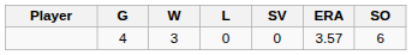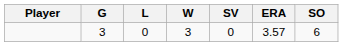 <table class="wikitable sortable">
 <tr>
 <th bgcolor="#DDDDFF" width="16%">Player</th>
 <th bgcolor="#DDDDFF" width="9%">G</th>
+<th bgcolor="#DDDDFF" width="9%">L</th>
 <th bgcolor="#DDDDFF" width="9%">W</th>
-<th bgcolor="#DDDDFF" width="9%">L</th>
 <th bgcolor="#DDDDFF" width="9%">SV</th>
 <th bgcolor="#DDDDFF" width="9%">ERA</th>
 <th bgcolor="#DDDDFF" width="9%">SO</th>
 </tr>
 <tr align="center">
 <td></td>
-<td>4</td>
 <td>3</td>
 <td>0</td>
+<td>3</td>
 <td>0</td>
 <td>3.57</td>
 <td>6</td>
 </tr>
 </table>
